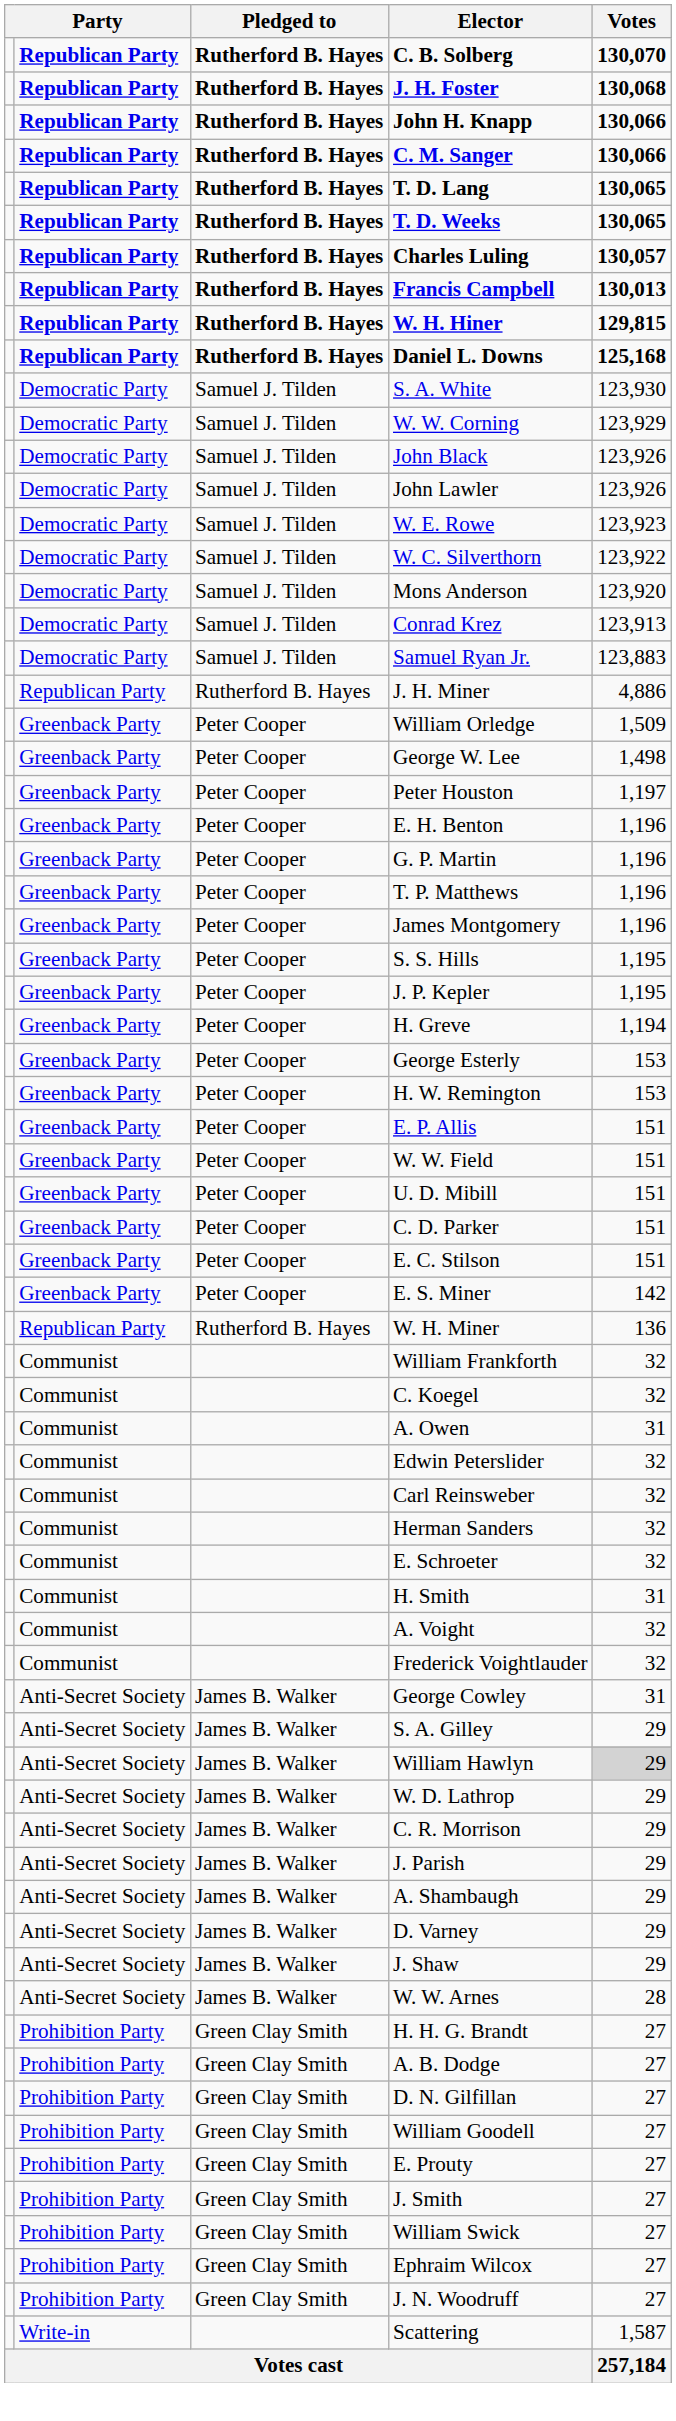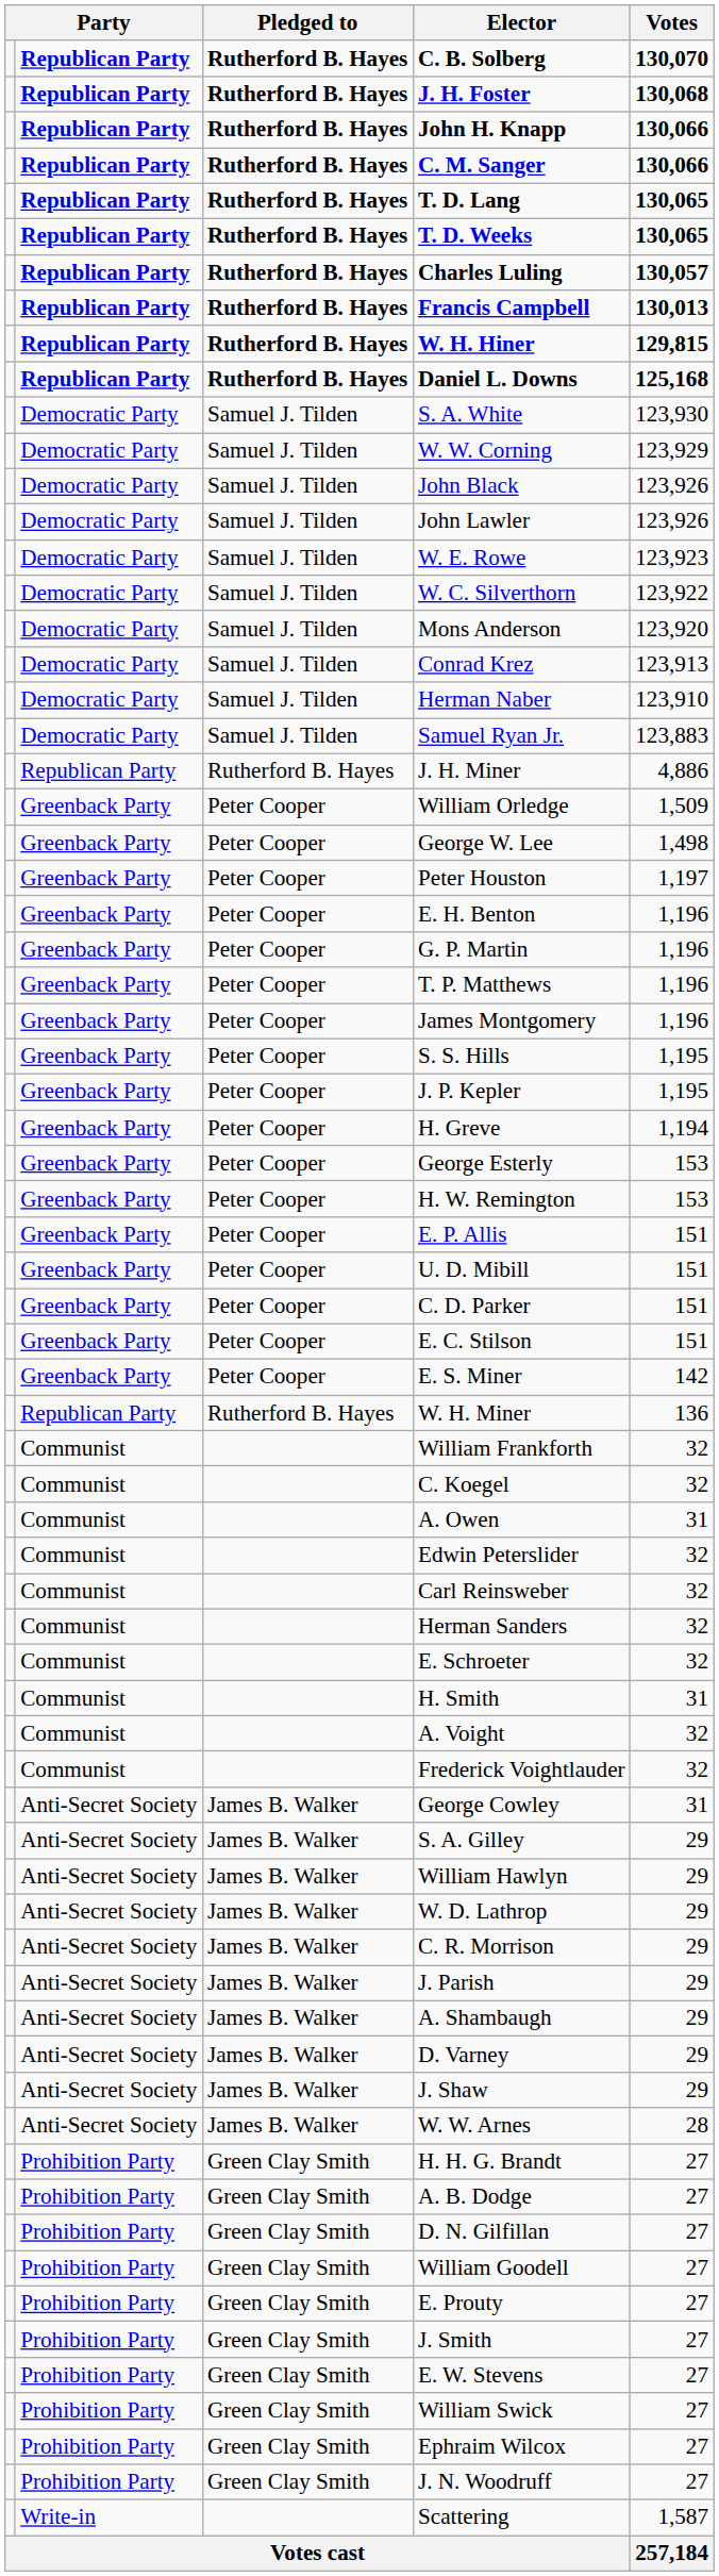 <table class="wikitable">
 <tr>
 <th colspan=2>Party</th>
 <th>Pledged to</th>
 <th>Elector</th>
 <th>Votes</th>
 </tr>
 <tr style="font-weight:bold">
 <td></td>
 <td><a href='#'>Republican Party</a></td>
 <td>Rutherford B. Hayes</td>
 <td>C. B. Solberg</td>
 <td align="right">130,070</td>
 </tr>
 <tr style="font-weight:bold">
 <td></td>
 <td><a href='#'>Republican Party</a></td>
 <td>Rutherford B. Hayes</td>
 <td><a href='#'>J. H. Foster</a></td>
 <td align="right">130,068</td>
 </tr>
 <tr style="font-weight:bold">
 <td></td>
 <td><a href='#'>Republican Party</a></td>
 <td>Rutherford B. Hayes</td>
 <td>John H. Knapp</td>
 <td align="right">130,066</td>
 </tr>
 <tr style="font-weight:bold">
 <td></td>
 <td><a href='#'>Republican Party</a></td>
 <td>Rutherford B. Hayes</td>
 <td><a href='#'>C. M. Sanger</a></td>
 <td align="right">130,066</td>
 </tr>
 <tr style="font-weight:bold">
 <td></td>
 <td><a href='#'>Republican Party</a></td>
 <td>Rutherford B. Hayes</td>
 <td>T. D. Lang</td>
 <td align="right">130,065</td>
 </tr>
 <tr style="font-weight:bold">
 <td></td>
 <td><a href='#'>Republican Party</a></td>
 <td>Rutherford B. Hayes</td>
 <td><a href='#'>T. D. Weeks</a></td>
 <td align="right">130,065</td>
 </tr>
 <tr style="font-weight:bold">
 <td></td>
 <td><a href='#'>Republican Party</a></td>
 <td>Rutherford B. Hayes</td>
 <td>Charles Luling</td>
 <td align="right">130,057</td>
 </tr>
 <tr style="font-weight:bold">
 <td></td>
 <td><a href='#'>Republican Party</a></td>
 <td>Rutherford B. Hayes</td>
 <td><a href='#'>Francis Campbell</a></td>
 <td align="right">130,013</td>
 </tr>
 <tr style="font-weight:bold">
 <td></td>
 <td><a href='#'>Republican Party</a></td>
 <td>Rutherford B. Hayes</td>
 <td><a href='#'>W. H. Hiner</a></td>
 <td align="right">129,815</td>
 </tr>
 <tr style="font-weight:bold">
 <td></td>
 <td><a href='#'>Republican Party</a></td>
 <td>Rutherford B. Hayes</td>
 <td>Daniel L. Downs</td>
 <td align="right">125,168</td>
 </tr>
 <tr>
 <td></td>
 <td><a href='#'>Democratic Party</a></td>
 <td>Samuel J. Tilden</td>
 <td><a href='#'>S. A. White</a></td>
 <td align="right">123,930</td>
 </tr>
 <tr>
 <td></td>
 <td><a href='#'>Democratic Party</a></td>
 <td>Samuel J. Tilden</td>
 <td><a href='#'>W. W. Corning</a></td>
 <td align="right">123,929</td>
 </tr>
 <tr>
 <td></td>
 <td><a href='#'>Democratic Party</a></td>
 <td>Samuel J. Tilden</td>
 <td><a href='#'>John Black</a></td>
 <td align="right">123,926</td>
 </tr>
 <tr>
 <td></td>
 <td><a href='#'>Democratic Party</a></td>
 <td>Samuel J. Tilden</td>
 <td>John Lawler</td>
 <td align="right">123,926</td>
 </tr>
 <tr>
 <td></td>
 <td><a href='#'>Democratic Party</a></td>
 <td>Samuel J. Tilden</td>
 <td><a href='#'>W. E. Rowe</a></td>
 <td align="right">123,923</td>
 </tr>
 <tr>
 <td></td>
 <td><a href='#'>Democratic Party</a></td>
 <td>Samuel J. Tilden</td>
 <td><a href='#'>W. C. Silverthorn</a></td>
 <td align="right">123,922</td>
 </tr>
 <tr>
 <td></td>
 <td><a href='#'>Democratic Party</a></td>
 <td>Samuel J. Tilden</td>
 <td>Mons Anderson</td>
 <td align="right">123,920</td>
 </tr>
 <tr>
 <td></td>
 <td><a href='#'>Democratic Party</a></td>
 <td>Samuel J. Tilden</td>
 <td><a href='#'>Conrad Krez</a></td>
 <td align="right">123,913</td>
 </tr>
 <tr>
 <td></td>
 <td><a href='#'>Democratic Party</a></td>
 <td>Samuel J. Tilden</td>
+<td><a href='#'>Herman Naber</a></td>
+<td align="right">123,910</td>
+</tr>
+<tr>
+<td></td>
+<td><a href='#'>Democratic Party</a></td>
+<td>Samuel J. Tilden</td>
 <td><a href='#'>Samuel Ryan Jr.</a></td>
 <td align="right">123,883</td>
 </tr>
 <tr>
 <td></td>
 <td><a href='#'>Republican Party</a></td>
 <td>Rutherford B. Hayes</td>
 <td>J. H. Miner</td>
 <td align="right">4,886</td>
 </tr>
 <tr>
 <td></td>
 <td><a href='#'>Greenback Party</a></td>
 <td>Peter Cooper</td>
 <td>William Orledge</td>
 <td align="right">1,509</td>
 </tr>
 <tr>
 <td></td>
 <td><a href='#'>Greenback Party</a></td>
 <td>Peter Cooper</td>
 <td>George W. Lee</td>
 <td align="right">1,498</td>
 </tr>
 <tr>
 <td></td>
 <td><a href='#'>Greenback Party</a></td>
 <td>Peter Cooper</td>
 <td>Peter Houston</td>
 <td align="right">1,197</td>
 </tr>
 <tr>
 <td></td>
 <td><a href='#'>Greenback Party</a></td>
 <td>Peter Cooper</td>
 <td>E. H. Benton</td>
 <td align="right">1,196</td>
 </tr>
 <tr>
 <td></td>
 <td><a href='#'>Greenback Party</a></td>
 <td>Peter Cooper</td>
 <td>G. P. Martin</td>
 <td align="right">1,196</td>
 </tr>
 <tr>
 <td></td>
 <td><a href='#'>Greenback Party</a></td>
 <td>Peter Cooper</td>
 <td>T. P. Matthews</td>
 <td align="right">1,196</td>
 </tr>
 <tr>
 <td></td>
 <td><a href='#'>Greenback Party</a></td>
 <td>Peter Cooper</td>
 <td>James Montgomery</td>
 <td align="right">1,196</td>
 </tr>
 <tr>
 <td></td>
 <td><a href='#'>Greenback Party</a></td>
 <td>Peter Cooper</td>
 <td>S. S. Hills</td>
 <td align="right">1,195</td>
 </tr>
 <tr>
 <td></td>
 <td><a href='#'>Greenback Party</a></td>
 <td>Peter Cooper</td>
 <td>J. P. Kepler</td>
 <td align="right">1,195</td>
 </tr>
 <tr>
 <td></td>
 <td><a href='#'>Greenback Party</a></td>
 <td>Peter Cooper</td>
 <td>H. Greve</td>
 <td align="right">1,194</td>
 </tr>
 <tr>
 <td></td>
 <td><a href='#'>Greenback Party</a></td>
 <td>Peter Cooper</td>
 <td>George Esterly</td>
 <td align="right">153</td>
 </tr>
 <tr>
 <td></td>
 <td><a href='#'>Greenback Party</a></td>
 <td>Peter Cooper</td>
 <td>H. W. Remington</td>
 <td align="right">153</td>
 </tr>
 <tr>
 <td></td>
 <td><a href='#'>Greenback Party</a></td>
 <td>Peter Cooper</td>
 <td><a href='#'>E. P. Allis</a></td>
-<td align="right">151</td>
-</tr>
-<tr>
-<td></td>
-<td><a href='#'>Greenback Party</a></td>
-<td>Peter Cooper</td>
-<td>W. W. Field</td>
 <td align="right">151</td>
 </tr>
 <tr>
 <td></td>
 <td><a href='#'>Greenback Party</a></td>
 <td>Peter Cooper</td>
 <td>U. D. Mibill</td>
 <td align="right">151</td>
 </tr>
 <tr>
 <td></td>
 <td><a href='#'>Greenback Party</a></td>
 <td>Peter Cooper</td>
 <td>C. D. Parker</td>
 <td align="right">151</td>
 </tr>
 <tr>
 <td></td>
 <td><a href='#'>Greenback Party</a></td>
 <td>Peter Cooper</td>
 <td>E. C. Stilson</td>
 <td align="right">151</td>
 </tr>
 <tr>
 <td></td>
 <td><a href='#'>Greenback Party</a></td>
 <td>Peter Cooper</td>
 <td>E. S. Miner</td>
 <td align="right">142</td>
 </tr>
 <tr>
 <td></td>
 <td><a href='#'>Republican Party</a></td>
 <td>Rutherford B. Hayes</td>
 <td>W. H. Miner</td>
 <td align="right">136</td>
 </tr>
 <tr>
 <td></td>
 <td>Communist</td>
 <td></td>
 <td>William Frankforth</td>
 <td align="right">32</td>
 </tr>
 <tr>
 <td></td>
 <td>Communist</td>
 <td></td>
 <td>C. Koegel</td>
 <td align="right">32</td>
 </tr>
 <tr>
 <td></td>
 <td>Communist</td>
 <td></td>
 <td>A. Owen</td>
 <td align="right">31</td>
 </tr>
 <tr>
 <td></td>
 <td>Communist</td>
 <td></td>
 <td>Edwin Peterslider</td>
 <td align="right">32</td>
 </tr>
 <tr>
 <td></td>
 <td>Communist</td>
 <td></td>
 <td>Carl Reinsweber</td>
 <td align="right">32</td>
 </tr>
 <tr>
 <td></td>
 <td>Communist</td>
 <td></td>
 <td>Herman Sanders</td>
 <td align="right">32</td>
 </tr>
 <tr>
 <td></td>
 <td>Communist</td>
 <td></td>
 <td>E. Schroeter</td>
 <td align="right">32</td>
 </tr>
 <tr>
 <td></td>
 <td>Communist</td>
 <td></td>
 <td>H. Smith</td>
 <td align="right">31</td>
 </tr>
 <tr>
 <td></td>
 <td>Communist</td>
 <td></td>
 <td>A. Voight</td>
 <td align="right">32</td>
 </tr>
 <tr>
 <td></td>
 <td>Communist</td>
 <td></td>
 <td>Frederick Voightlauder</td>
 <td align="right">32</td>
 </tr>
 <tr>
 <td></td>
 <td>Anti-Secret Society</td>
 <td>James B. Walker</td>
 <td>George Cowley</td>
 <td align="right">31</td>
 </tr>
 <tr>
 <td></td>
 <td>Anti-Secret Society</td>
 <td>James B. Walker</td>
 <td>S. A. Gilley</td>
 <td align="right">29</td>
 </tr>
 <tr>
 <td></td>
 <td>Anti-Secret Society</td>
 <td>James B. Walker</td>
 <td>William Hawlyn</td>
-<td align="right" style="background: lightgrey;">29</td>
+<td align="right">29</td>
 </tr>
 <tr>
 <td></td>
 <td>Anti-Secret Society</td>
 <td>James B. Walker</td>
 <td>W. D. Lathrop</td>
 <td align="right">29</td>
 </tr>
 <tr>
 <td></td>
 <td>Anti-Secret Society</td>
 <td>James B. Walker</td>
 <td>C. R. Morrison</td>
 <td align="right">29</td>
 </tr>
 <tr>
 <td></td>
 <td>Anti-Secret Society</td>
 <td>James B. Walker</td>
 <td>J. Parish</td>
 <td align="right">29</td>
 </tr>
 <tr>
 <td></td>
 <td>Anti-Secret Society</td>
 <td>James B. Walker</td>
 <td>A. Shambaugh</td>
 <td align="right">29</td>
 </tr>
 <tr>
 <td></td>
 <td>Anti-Secret Society</td>
 <td>James B. Walker</td>
 <td>D. Varney</td>
 <td align="right">29</td>
 </tr>
 <tr>
 <td></td>
 <td>Anti-Secret Society</td>
 <td>James B. Walker</td>
 <td>J. Shaw</td>
 <td align="right">29</td>
 </tr>
 <tr>
 <td></td>
 <td>Anti-Secret Society</td>
 <td>James B. Walker</td>
 <td>W. W. Arnes</td>
 <td align="right">28</td>
 </tr>
 <tr>
 <td></td>
 <td><a href='#'>Prohibition Party</a></td>
 <td>Green Clay Smith</td>
 <td>H. H. G. Brandt</td>
 <td align="right">27</td>
 </tr>
 <tr>
 <td></td>
 <td><a href='#'>Prohibition Party</a></td>
 <td>Green Clay Smith</td>
 <td>A. B. Dodge</td>
 <td align="right">27</td>
 </tr>
 <tr>
 <td></td>
 <td><a href='#'>Prohibition Party</a></td>
 <td>Green Clay Smith</td>
 <td>D. N. Gilfillan</td>
 <td align="right">27</td>
 </tr>
 <tr>
 <td></td>
 <td><a href='#'>Prohibition Party</a></td>
 <td>Green Clay Smith</td>
 <td>William Goodell</td>
 <td align="right">27</td>
 </tr>
 <tr>
 <td></td>
 <td><a href='#'>Prohibition Party</a></td>
 <td>Green Clay Smith</td>
 <td>E. Prouty</td>
 <td align="right">27</td>
 </tr>
 <tr>
 <td></td>
 <td><a href='#'>Prohibition Party</a></td>
 <td>Green Clay Smith</td>
 <td>J. Smith</td>
 <td align="right">27</td>
 </tr>
 <tr>
 <td></td>
 <td><a href='#'>Prohibition Party</a></td>
 <td>Green Clay Smith</td>
+<td>E. W. Stevens</td>
+<td align="right">27</td>
+</tr>
+<tr>
+<td></td>
+<td><a href='#'>Prohibition Party</a></td>
+<td>Green Clay Smith</td>
 <td>William Swick</td>
 <td align="right">27</td>
 </tr>
 <tr>
 <td></td>
 <td><a href='#'>Prohibition Party</a></td>
 <td>Green Clay Smith</td>
 <td>Ephraim Wilcox</td>
 <td align="right">27</td>
 </tr>
 <tr>
 <td></td>
 <td><a href='#'>Prohibition Party</a></td>
 <td>Green Clay Smith</td>
 <td>J. N. Woodruff</td>
 <td align="right">27</td>
 </tr>
 <tr>
 <td></td>
 <td><a href='#'>Write-in</a></td>
 <td></td>
 <td>Scattering</td>
 <td align="right">1,587</td>
 </tr>
 <tr>
 <th colspan="4">Votes cast</th>
 <th>257,184</th>
 </tr>
 </table>
